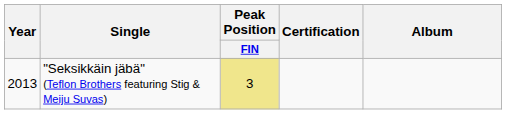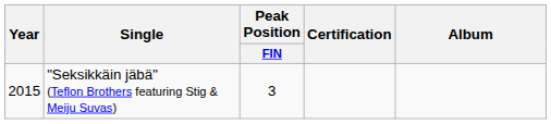 <table class="wikitable">
 <tr>
 <th rowspan="2" style="width:10px;">Year</th>
 <th rowspan="2" style="width:210px;">Single</th>
 <th colspan="1" "width:10px;">Peak <br>Position</th>
 <th rowspan="2" style="width:60px;">Certification</th>
 <th rowspan="2" style="width:160px;">Album</th>
 </tr>
 <tr>
 <th style="width;font-size:85%"><a href='#'>FIN</a><br></th>
 </tr>
 <tr>
-<td rowspan=1>2013</td>
+<td rowspan=1>2015</td>
 <td>"Seksikkäin jäbä" <br><small>(<a href='#'>Teflon Brothers</a> featuring Stig & <a href='#'>Meiju Suvas</a>)</small></td>
-<td style="background: khaki; text-align:center;">3</td>
+<td style="text-align:center;">3</td>
 <td style="text-align:center;"></td>
 <td style="text-align:center;"></td>
 </tr>
 </table>
